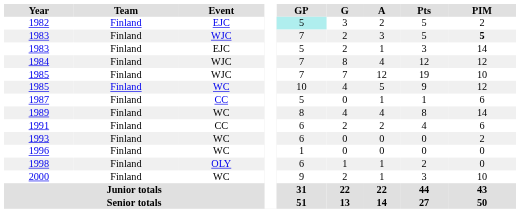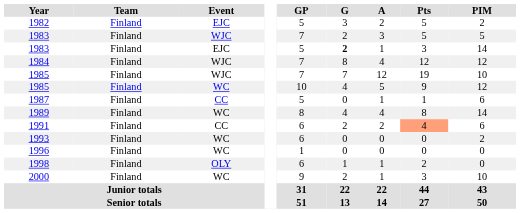 <table border="0" cellpadding="1" cellspacing="0" style="text-align:center; width:50em">
 <tr ALIGN="center" bgcolor="#e0e0e0">
 <th>Year</th>
 <th>Team</th>
 <th>Event</th>
 <th rowspan="99" bgcolor="#ffffff"> </th>
 <th>GP</th>
 <th>G</th>
 <th>A</th>
 <th>Pts</th>
 <th>PIM</th>
 </tr>
 <tr>
 <td><a href='#'>1982</a></td>
 <td><a href='#'>Finland</a></td>
 <td><a href='#'>EJC</a></td>
-<td style="background: paleturquoise;">5</td>
+<td>5</td>
 <td>3</td>
 <td>2</td>
 <td>5</td>
 <td>2</td>
 </tr>
 <tr bgcolor="#f0f0f0">
 <td><a href='#'>1983</a></td>
 <td>Finland</td>
 <td><a href='#'>WJC</a></td>
 <td>7</td>
 <td>2</td>
 <td>3</td>
 <td>5</td>
-<td><strong>5</strong></td>
+<td>5</td>
 </tr>
 <tr>
 <td><a href='#'>1983</a></td>
 <td>Finland</td>
 <td>EJC</td>
 <td>5</td>
-<td>2</td>
+<td><strong>2</strong></td>
 <td>1</td>
 <td>3</td>
 <td>14</td>
 </tr>
 <tr bgcolor="#f0f0f0">
 <td><a href='#'>1984</a></td>
 <td>Finland</td>
 <td>WJC</td>
 <td>7</td>
 <td>8</td>
 <td>4</td>
 <td>12</td>
 <td>12</td>
 </tr>
 <tr>
 <td><a href='#'>1985</a></td>
 <td>Finland</td>
 <td>WJC</td>
 <td>7</td>
 <td>7</td>
 <td>12</td>
 <td>19</td>
 <td>10</td>
 </tr>
 <tr bgcolor="#f0f0f0">
 <td><a href='#'>1985</a></td>
 <td><a href='#'>Finland</a></td>
 <td><a href='#'>WC</a></td>
 <td>10</td>
 <td>4</td>
 <td>5</td>
 <td>9</td>
 <td>12</td>
 </tr>
 <tr>
 <td><a href='#'>1987</a></td>
 <td>Finland</td>
 <td><a href='#'>CC</a></td>
 <td>5</td>
 <td>0</td>
 <td>1</td>
 <td>1</td>
 <td>6</td>
 </tr>
 <tr bgcolor="#f0f0f0">
 <td><a href='#'>1989</a></td>
 <td>Finland</td>
 <td>WC</td>
 <td>8</td>
 <td>4</td>
 <td>4</td>
 <td>8</td>
 <td>14</td>
 </tr>
 <tr>
 <td><a href='#'>1991</a></td>
 <td>Finland</td>
 <td>CC</td>
 <td>6</td>
 <td>2</td>
 <td>2</td>
-<td>4</td>
+<td style="background: lightsalmon;">4</td>
 <td>6</td>
 </tr>
 <tr bgcolor="#f0f0f0">
 <td><a href='#'>1993</a></td>
 <td>Finland</td>
 <td>WC</td>
 <td>6</td>
 <td>0</td>
 <td>0</td>
 <td>0</td>
 <td>2</td>
 </tr>
 <tr>
 <td><a href='#'>1996</a></td>
 <td>Finland</td>
 <td>WC</td>
 <td>1</td>
 <td>0</td>
 <td>0</td>
 <td>0</td>
 <td>0</td>
 </tr>
 <tr bgcolor="#f0f0f0">
 <td><a href='#'>1998</a></td>
 <td>Finland</td>
 <td><a href='#'>OLY</a></td>
 <td>6</td>
 <td>1</td>
 <td>1</td>
 <td>2</td>
 <td>0</td>
 </tr>
 <tr>
 <td><a href='#'>2000</a></td>
 <td>Finland</td>
 <td>WC</td>
 <td>9</td>
 <td>2</td>
 <td>1</td>
 <td>3</td>
 <td>10</td>
 </tr>
 <tr bgcolor="#e0e0e0">
 <th colspan=3>Junior totals</th>
 <th>31</th>
 <th>22</th>
 <th>22</th>
 <th>44</th>
 <th>43</th>
 </tr>
 <tr bgcolor="#e0e0e0">
 <th colspan=3>Senior totals</th>
 <th>51</th>
 <th>13</th>
 <th>14</th>
 <th>27</th>
 <th>50</th>
 </tr>
 </table>
